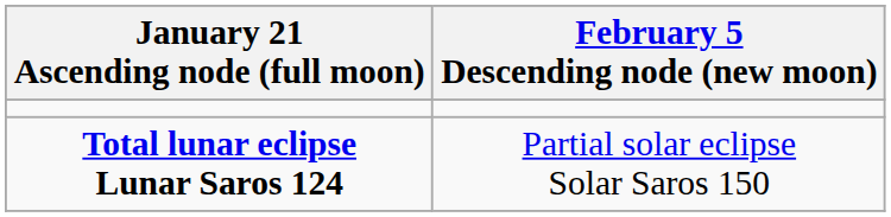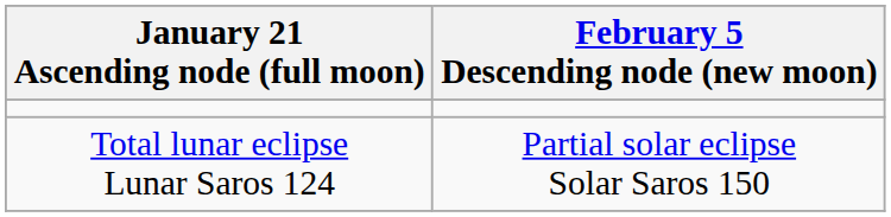 <table class="wikitable">
 <tr>
 <th>January 21<br>Ascending node (full moon)<br></th>
 <th><a href='#'>February 5</a><br>Descending node (new moon)<br></th>
 </tr>
 <tr>
 <td></td>
 <td></td>
 </tr>
 <tr align=center>
-<td><strong><a href='#'>Total lunar eclipse</a><br>Lunar Saros 124</strong></td>
+<td><a href='#'>Total lunar eclipse</a><br>Lunar Saros 124</td>
 <td><a href='#'>Partial solar eclipse</a><br>Solar Saros 150</td>
 </tr>
 </table>
